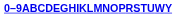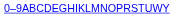 <table id="toc" class="toc" summary="Class">
 <tr>
 <th></th>
 </tr>
 <tr>
-<td style="text-align:center;"><strong><a href='#'>0–9</a><a href='#'>A</a><a href='#'>B</a><a href='#'>C</a><a href='#'>D</a><a href='#'>E</a><a href='#'>G</a><a href='#'>H</a><a href='#'>I</a><a href='#'>K</a><a href='#'>L</a><a href='#'>M</a><a href='#'>N</a><a href='#'>O</a><a href='#'>P</a><a href='#'>R</a><a href='#'>S</a><a href='#'>T</a><a href='#'>U</a><a href='#'>W</a><a href='#'>Y</a></strong></td>
+<td style="text-align:center;"><a href='#'>0–9</a><a href='#'>A</a><a href='#'>B</a><a href='#'>C</a><a href='#'>D</a><a href='#'>E</a><a href='#'>G</a><a href='#'>H</a><a href='#'>I</a><a href='#'>K</a><a href='#'>L</a><a href='#'>M</a><a href='#'>N</a><a href='#'>O</a><a href='#'>P</a><a href='#'>R</a><a href='#'>S</a><a href='#'>T</a><a href='#'>U</a><a href='#'>W</a><a href='#'>Y</a></td>
 </tr>
 </table>
